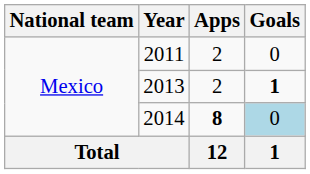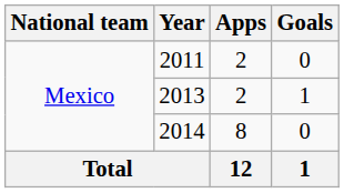 <table class="wikitable" style="text-align: center;">
 <tr>
 <th>National team</th>
 <th>Year</th>
 <th>Apps</th>
 <th>Goals</th>
 </tr>
 <tr>
 <td rowspan="3" valign="center"><a href='#'>Mexico</a></td>
 <td>2011</td>
 <td>2</td>
 <td>0</td>
 </tr>
 <tr>
 <td>2013</td>
 <td>2</td>
-<td><strong>1</strong></td>
+<td>1</td>
 </tr>
 <tr>
 <td>2014</td>
-<td><strong>8</strong></td>
-<td style="background: lightblue;">0</td>
+<td>8</td>
+<td>0</td>
 </tr>
 <tr>
 <th colspan="2">Total</th>
 <th>12</th>
 <th>1</th>
 </tr>
 </table>
